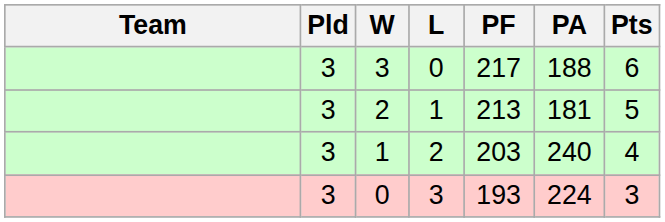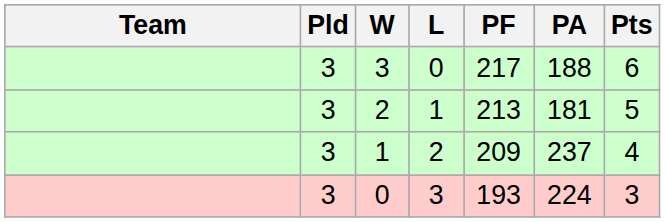 <table class="wikitable" style="text-align:center;">
 <tr>
 <th width=170>Team</th>
 <th width=25>Pld</th>
 <th width=25>W</th>
 <th width=25>L</th>
 <th width=35>PF</th>
 <th width=35>PA</th>
 <th width=25>Pts</th>
 </tr>
 <tr bgcolor=#ccffcc>
 <td style="text-align:left"></td>
 <td>3</td>
 <td>3</td>
 <td>0</td>
 <td>217</td>
 <td>188</td>
 <td>6</td>
 </tr>
 <tr bgcolor=#ccffcc>
 <td style="text-align:left"></td>
 <td>3</td>
 <td>2</td>
 <td>1</td>
 <td>213</td>
 <td>181</td>
 <td>5</td>
 </tr>
 <tr bgcolor=#ccffcc>
 <td style="text-align:left"></td>
 <td>3</td>
 <td>1</td>
 <td>2</td>
-<td>203</td>
-<td>240</td>
+<td>209</td>
+<td>237</td>
 <td>4</td>
 </tr>
 <tr bgcolor=#ffcccc>
 <td style="text-align:left"></td>
 <td>3</td>
 <td>0</td>
 <td>3</td>
 <td>193</td>
 <td>224</td>
 <td>3</td>
 </tr>
 </table>
